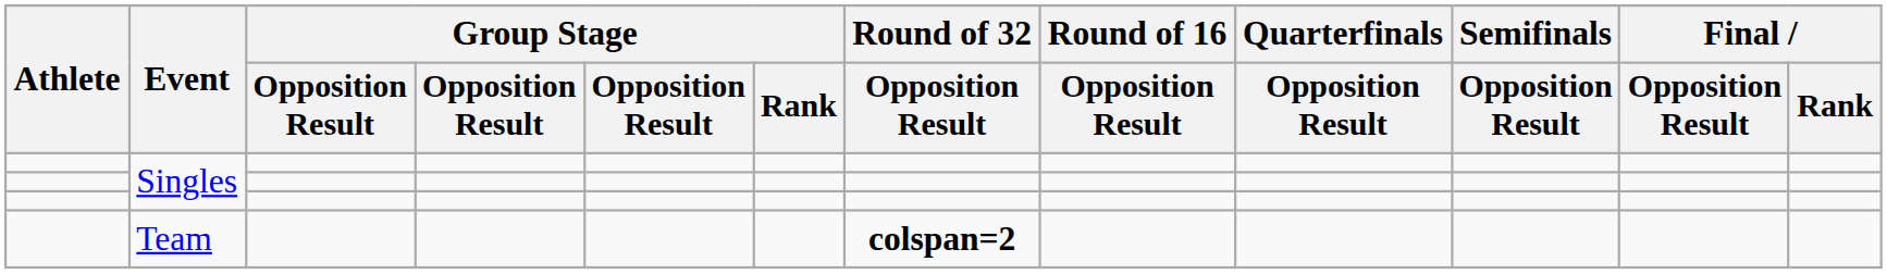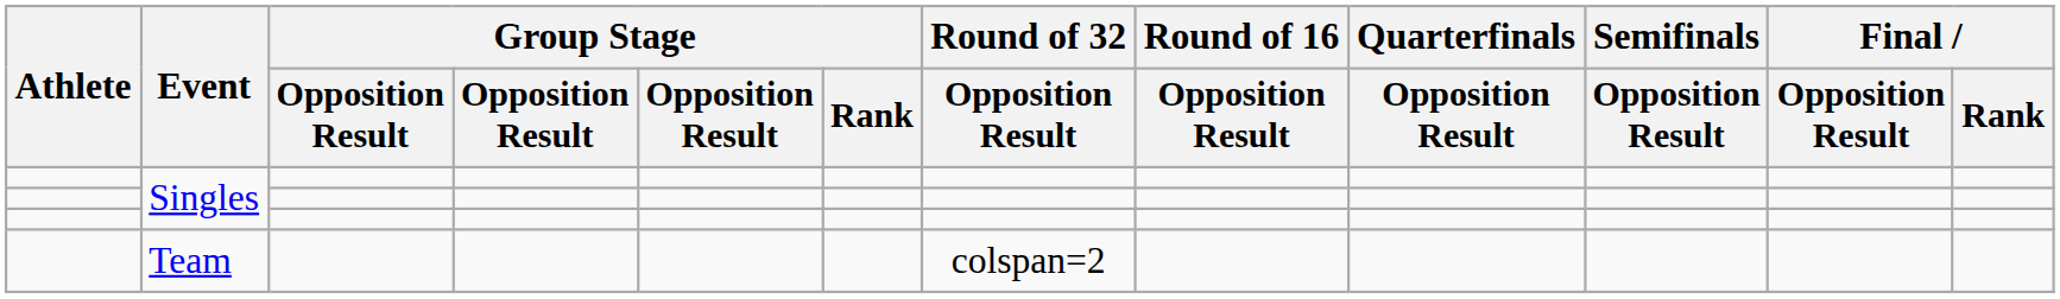 <table class="wikitable" style="font-size:90%">
 <tr>
 <th rowspan=2>Athlete</th>
 <th rowspan=2>Event</th>
 <th colspan=4>Group Stage</th>
 <th>Round of 32</th>
 <th>Round of 16</th>
 <th>Quarterfinals</th>
 <th>Semifinals</th>
 <th colspan=2>Final / </th>
 </tr>
 <tr style="font-size:95%">
 <th>Opposition<br>Result</th>
 <th>Opposition<br>Result</th>
 <th>Opposition<br>Result</th>
 <th>Rank</th>
 <th>Opposition<br>Result</th>
 <th>Opposition<br>Result</th>
 <th>Opposition<br>Result</th>
 <th>Opposition<br>Result</th>
 <th>Opposition<br>Result</th>
 <th>Rank</th>
 </tr>
 <tr align=center>
 <td align=left></td>
 <td align=left rowspan=3><a href='#'>Singles</a></td>
 <td></td>
 <td></td>
 <td></td>
 <td></td>
 <td></td>
 <td></td>
 <td></td>
 <td></td>
 <td></td>
 <td></td>
 </tr>
 <tr align=center>
 <td align=left></td>
 <td></td>
 <td></td>
 <td></td>
 <td></td>
 <td></td>
 <td></td>
 <td></td>
 <td></td>
 <td></td>
 <td></td>
 </tr>
 <tr align=center>
 <td align=left></td>
 <td></td>
 <td></td>
 <td></td>
 <td></td>
 <td></td>
 <td></td>
 <td></td>
 <td></td>
 <td></td>
 <td></td>
 </tr>
 <tr align=center>
 <td align=left></td>
 <td align=left><a href='#'>Team</a></td>
 <td></td>
 <td></td>
 <td></td>
 <td></td>
-<td><strong>colspan=2 </strong></td>
+<td>colspan=2 </td>
 <td></td>
 <td></td>
 <td></td>
 <td></td>
 </tr>
 </table>
